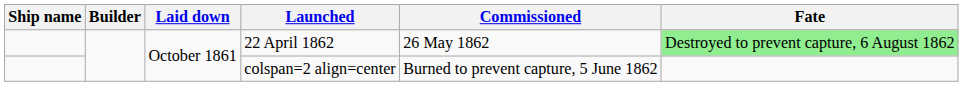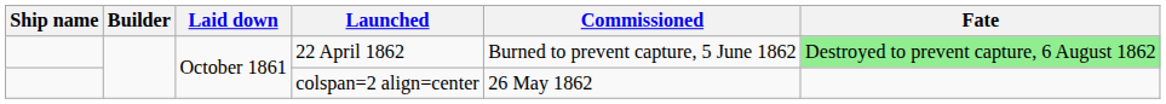 <table class="wikitable plainrowheaders">
 <tr>
 <th scope="col">Ship name</th>
 <th scope="col">Builder</th>
 <th scope="col"><a href='#'>Laid down</a></th>
 <th scope="col"><a href='#'>Launched</a></th>
 <th scope="col"><a href='#'>Commissioned</a></th>
 <th scope="col">Fate</th>
 </tr>
 <tr>
 <td scope="row"></td>
 <td rowspan=2></td>
 <td rowspan=2>October 1861</td>
 <td>22 April 1862</td>
-<td>26 May 1862</td>
+<td>Burned to prevent capture, 5 June 1862</td>
 <td style="background: lightgreen;">Destroyed to prevent capture, 6 August 1862</td>
 </tr>
 <tr>
 <td scope="row"></td>
 <td>colspan=2 align=center </td>
-<td>Burned to prevent capture, 5 June 1862</td>
+<td>26 May 1862</td>
 </tr>
 </table>
